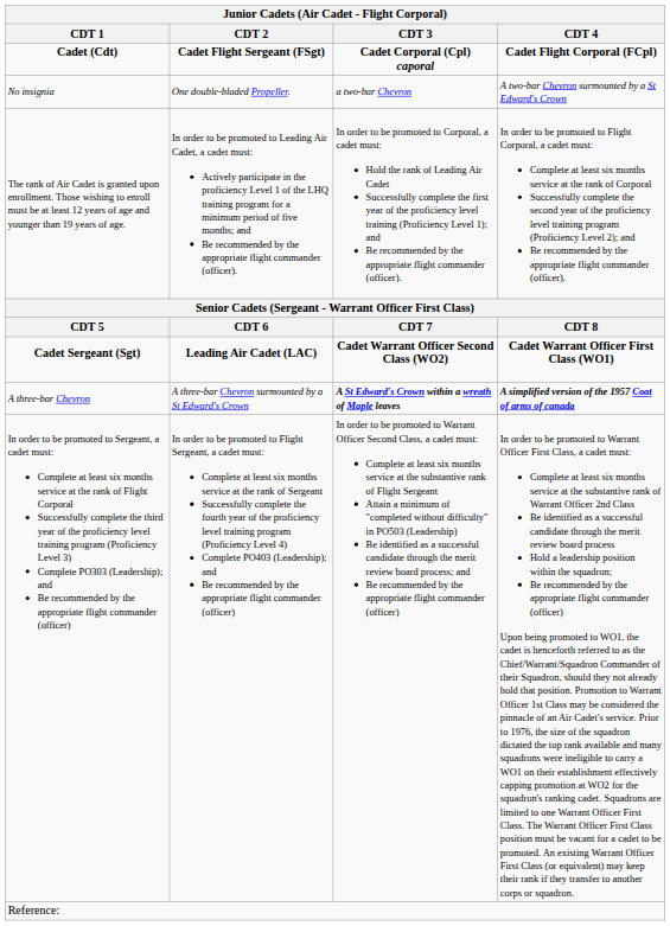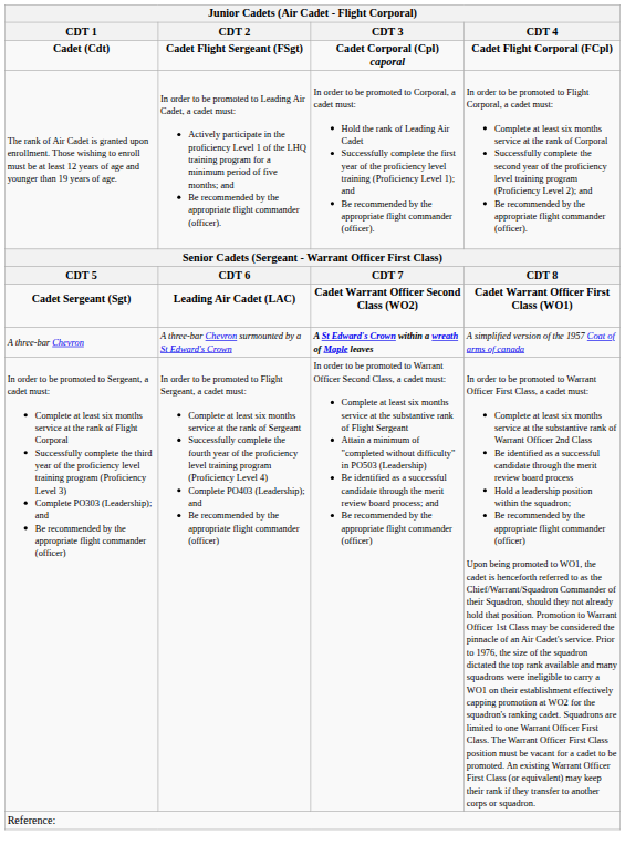 <table class="wikitable" style="margin:0 auto;">
 <tr>
 <th colspan="4">Junior Cadets (Air Cadet - Flight Corporal)</th>
 </tr>
 <tr>
 <th><strong>CDT 1</strong></th>
 <th><strong>CDT 2</strong></th>
 <th><strong>CDT 3</strong></th>
 <th><strong>CDT 4</strong></th>
 </tr>
 <tr>
 <td style="text-align:center; width:250px;"><strong>Cadet (Cdt)</strong><br><strong><br></strong></td>
 <td style="text-align:center; width:250px;"><strong>Cadet Flight Sergeant (FSgt)</strong><br><strong><br></strong></td>
 <td style="text-align:center; width:250px;"><strong>Cadet Corporal (Cpl)</strong><br><strong><em>caporal</em></strong>                    </td>
 <td style="text-align:center; width:250px;"><strong>Cadet Flight Corporal (FCpl)</strong><br><strong><br></strong></td>
-</tr>
-<tr>
-<td><em><small>No insignia</small></em></td>
-<td><small><em>One double-bladed <a href='#'>Propeller</a>.</em></small></td>
-<td><small><em>a two-bar <a href='#'>Chevron</a></em></small></td>
-<td><small><em>A two-bar <a href='#'>Chevron</a> surmounted by a <a href='#'>St Edward's Crown</a></em></small></td>
 </tr>
 <tr>
 <td><small>The rank of Air Cadet is granted upon enrollment. Those wishing to enroll must be at least 12 years of age and younger than 19 years of age.</small></td>
 <td><br><small>In order to be promoted to Leading Air Cadet, a cadet must:</small><ul><li><small>Actively participate in the proficiency Level 1 of the LHQ training program for a minimum period of five months; and</small></li><li><small>Be recommended by the appropriate flight commander (officer).</small></li></ul></td>
 <td><br><small>In order to be promoted to Corporal, a cadet must:</small><ul><li><small>Hold the rank of Leading Air Cadet</small></li><li><small>Successfully complete the first year of the proficiency level training (Proficiency Level 1); and</small></li><li><small>Be recommended by the appropriate flight commander (officer).</small></li></ul></td>
 <td><br><small>In order to be promoted to Flight Corporal, a cadet must:</small><ul><li><small>Complete at least six months service at the rank of Corporal</small></li><li><small>Successfully complete the second year of the proficiency level training program (Proficiency Level 2); and</small></li><li><small>Be recommended by the appropriate flight commander (officer).</small></li></ul></td>
 </tr>
 <tr>
 <th colspan="4">Senior Cadets (Sergeant - Warrant Officer First Class)</th>
 </tr>
 <tr>
 <th><strong>CDT 5</strong></th>
 <th><strong>CDT 6</strong></th>
 <th><strong>CDT 7</strong></th>
 <th><strong>CDT 8</strong></th>
 </tr>
 <tr>
 <td style="text-align:center; width:250px;"><strong>Cadet Sergeant (Sgt)</strong><br><strong><br></strong></td>
 <td style="text-align:center; width:250px;"><strong>Leading Air Cadet (LAC)</strong><br><strong><br></strong></td>
 <td style="text-align:center; width:250px;"><strong>Cadet Warrant Officer Second Class (WO2)</strong><br><strong><br></strong></td>
 <td style="text-align:center; width:250px;"><strong>Cadet Warrant Officer First Class (WO1)</strong><br><strong><br></strong></td>
 </tr>
 <tr>
 <td><small><em>A three-bar <a href='#'>Chevron</a></em></small></td>
 <td><small><em>A three-bar <a href='#'>Chevron</a> surmounted by a <a href='#'>St Edward's Crown</a></em></small></td>
 <td><strong><small><em>A <a href='#'>St Edward's Crown</a> within a <a href='#'>wreath</a> of <a href='#'>Maple</a> leaves</em></small></strong></td>
-<td><strong><small><em>A simplified version of the 1957 <a href='#'>Coat of arms of canada</a></em></small></strong></td>
+<td><small><em>A simplified version of the 1957 <a href='#'>Coat of arms of canada</a></em></small></td>
 </tr>
 <tr>
 <td valign="top"><br><small>In order to be promoted to Sergeant, a cadet must:</small><ul><li><small>Complete at least six months service at the rank of Flight Corporal</small></li><li><small>Successfully complete the third year of the proficiency level training program (Proficiency Level 3)</small></li><li><small>Complete PO303 (Leadership); and</small></li><li><small>Be recommended by the appropriate flight commander (officer)</small></li></ul></td>
 <td valign="top"><br><small>In order to be promoted to Flight Sergeant, a cadet must:</small><ul><li><small>Complete at least six months service at the rank of Sergeant</small></li><li><small>Successfully complete the fourth year of the proficiency level training program (Proficiency Level 4)</small></li><li><small>Complete PO403 (Leadership); and</small></li><li><small>Be recommended by the appropriate flight commander (officer)</small></li></ul></td>
 <td valign="top"><small>In order to be promoted to Warrant Officer Second Class, a cadet must:</small><br><ul><li><small>Complete at least six months service at the substantive rank of Flight Sergeant</small></li><li><small>Attain a minimum of "completed without difficulty" in PO503 (Leadership)</small></li><li><small>Be identified as a successful candidate through the merit review board process; and</small></li><li><small>Be recommended by the appropriate flight commander (officer)</small></li></ul></td>
 <td valign="top"><br><small>In order to be promoted to Warrant Officer First Class, a cadet must:</small><ul><li><small>Complete at least six months service at the substantive rank of Warrant Officer 2nd Class</small></li><li><small>Be identified as a successful candidate through the merit review board process</small></li><li><small>Hold a leadership position within the squadron;</small></li><li><small>Be recommended by the appropriate flight commander (officer)</small></li></ul><small>Upon being promoted to WO1, the cadet is henceforth referred to as the Chief/Warrant/Squadron Commander of their Squadron, should they not already hold that position. Promotion to Warrant Officer 1st Class may be considered the pinnacle of an Air Cadet's service. Prior to 1976, the size of the squadron dictated the top rank available and many squadrons were ineligible to carry a WO1 on their establishment effectively capping promotion at WO2 for the squadron's ranking cadet.</small> <small>Squadrons are limited to one Warrant Officer First Class. The Warrant Officer First Class position must be vacant for a cadet to be promoted. An existing Warrant Officer First Class (or equivalent) may keep their rank if they transfer to another corps or squadron.</small></td>
 </tr>
 <tr>
 <td colspan="4">Reference:</td>
 </tr>
 </table>
